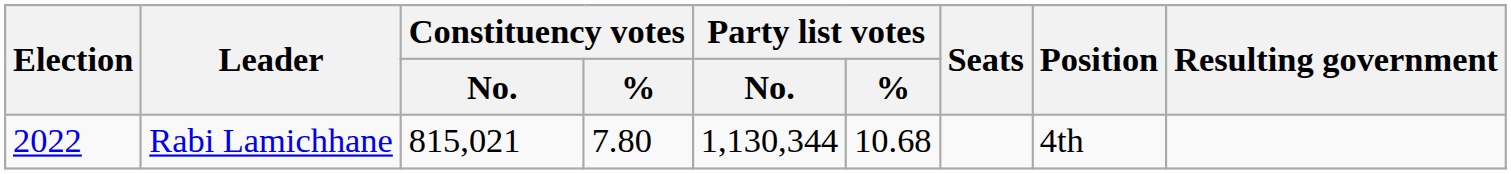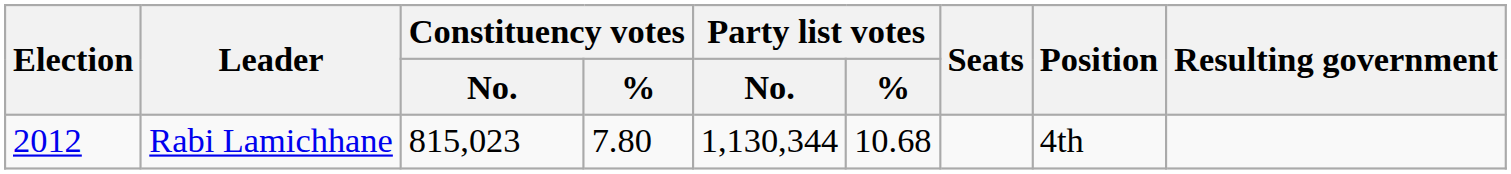 <table class="wikitable">
 <tr>
 <th rowspan="2" style="background-color:">Election</th>
 <th rowspan="2" style="background-color:">Leader</th>
 <th colspan="2" style="background-color:">Constituency votes</th>
 <th colspan="2" style="background-color:">Party list votes</th>
 <th rowspan="2" style="background-color:">Seats</th>
 <th rowspan="2" style="background-color:">Position</th>
 <th rowspan="2" style="background-color:">Resulting government</th>
 </tr>
 <tr>
 <th style="background-color:">No.</th>
 <th style="background-color:">%</th>
 <th style="background-color:">No.</th>
 <th style="background-color:">%</th>
 </tr>
 <tr>
-<td><a href='#'>2022</a></td>
+<td><a href='#'>2012</a></td>
 <td><a href='#'>Rabi Lamichhane</a></td>
-<td>815,021</td>
+<td>815,023</td>
 <td>7.80</td>
 <td>1,130,344</td>
 <td>10.68</td>
 <td></td>
 <td>4th</td>
 <td></td>
 </tr>
 </table>
